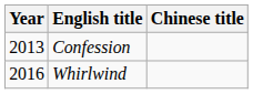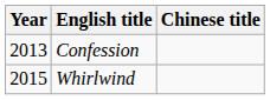 <table class="wikitable">
 <tr>
 <th>Year</th>
 <th>English title</th>
 <th>Chinese title</th>
 </tr>
 <tr>
 <td>2013</td>
 <td><em>Confession</em></td>
 <td></td>
 </tr>
 <tr>
-<td>2016</td>
+<td>2015</td>
 <td><em>Whirlwind</em></td>
 <td></td>
 </tr>
 </table>
